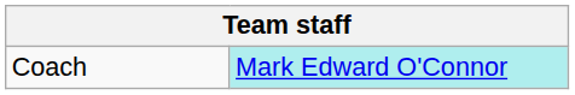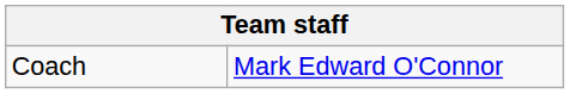 <table class="wikitable">
 <tr>
 <th colspan="2">Team staff</th>
 </tr>
 <tr>
 <td width="130">Coach</td>
-<td width="200" style="background: paleturquoise;"><a href='#'>Mark Edward O'Connor</a></td>
+<td width="200"><a href='#'>Mark Edward O'Connor</a></td>
 </tr>
 </table>
